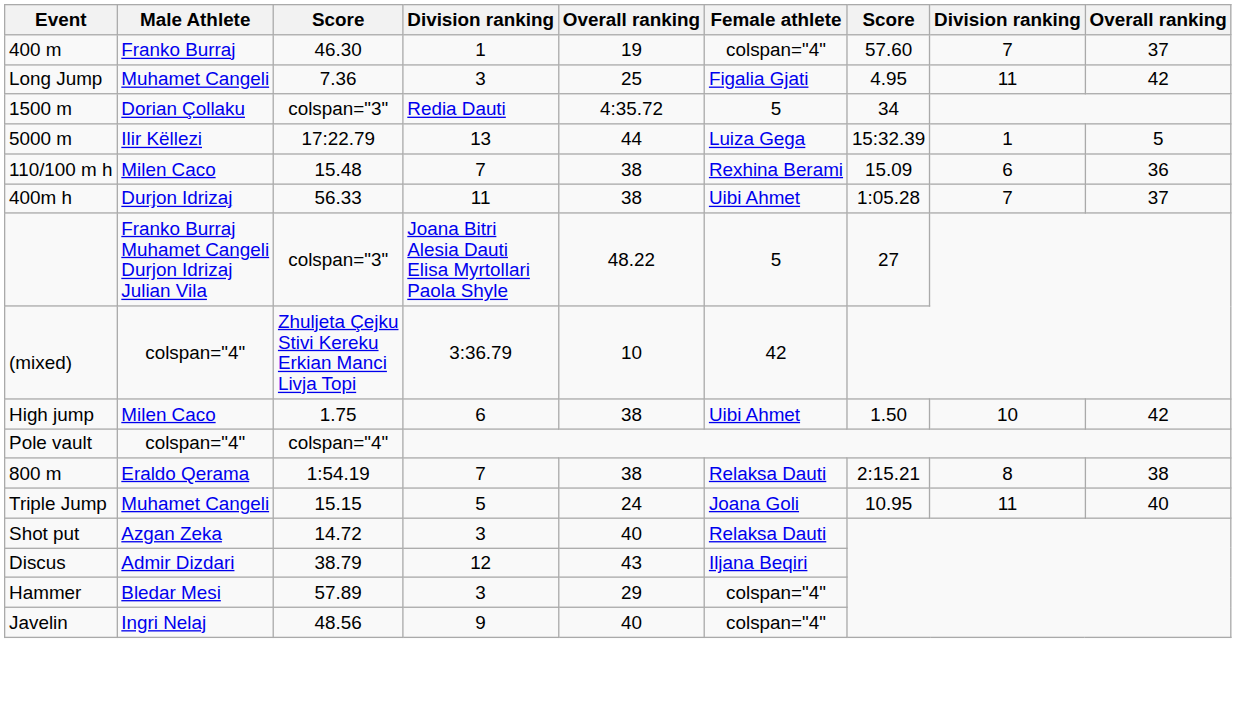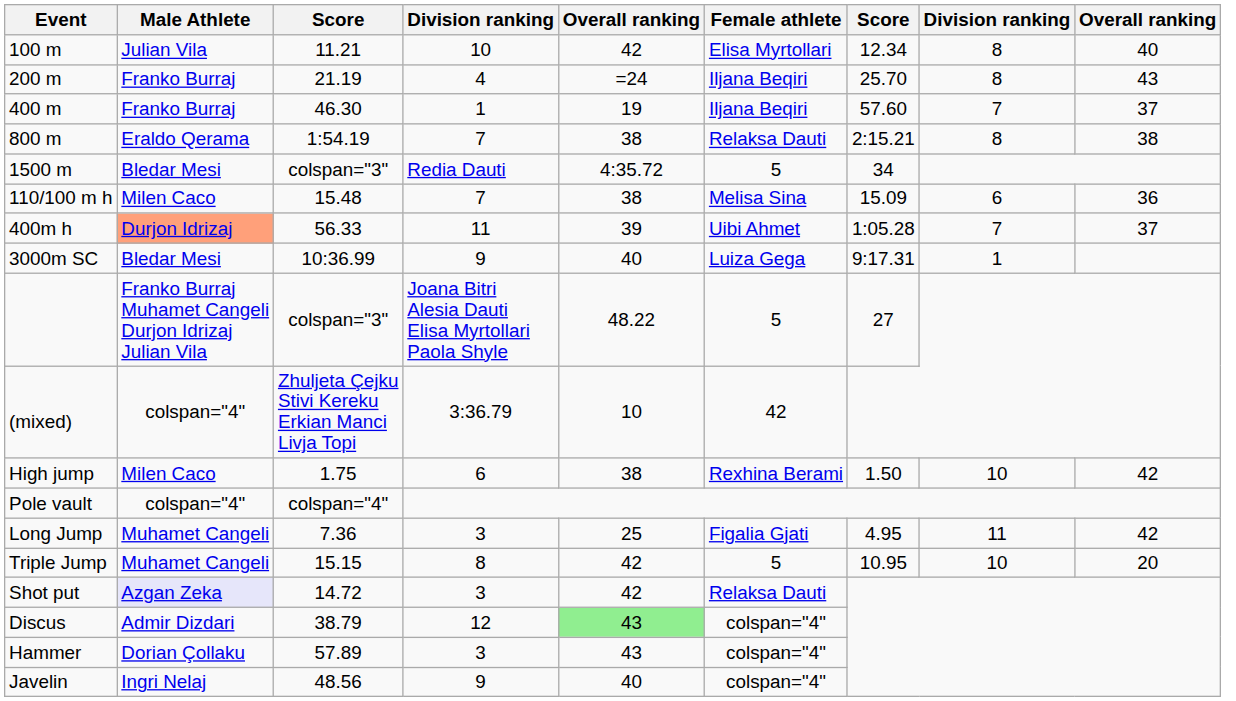 <table class="wikitable" style="font-size:90%; text-align:center">
 <tr>
 <th>Event</th>
 <th>Male Athlete</th>
 <th>Score</th>
 <th>Division ranking</th>
 <th>Overall ranking</th>
 <th>Female athlete</th>
 <th>Score</th>
 <th>Division ranking</th>
 <th>Overall ranking</th>
 </tr>
 <tr>
+<td align="left">100 m</td>
+<td align="left"><a href='#'>Julian Vila</a></td>
+<td>11.21</td>
+<td>10</td>
+<td>42</td>
+<td align="left"><a href='#'>Elisa Myrtollari</a></td>
+<td>12.34</td>
+<td>8</td>
+<td>40</td>
+</tr>
+<tr>
+<td align="left">200 m</td>
+<td align="left"><a href='#'>Franko Burraj</a></td>
+<td>21.19</td>
+<td>4</td>
+<td>=24</td>
+<td align="left"><a href='#'>Iljana Beqiri</a></td>
+<td>25.70</td>
+<td>8</td>
+<td>43</td>
+</tr>
+<tr>
 <td align="left">400 m</td>
 <td align="left"><a href='#'>Franko Burraj</a></td>
 <td>46.30</td>
 <td>1</td>
 <td>19</td>
-<td>colspan="4" </td>
+<td align="left"><a href='#'>Iljana Beqiri</a></td>
 <td>57.60</td>
 <td>7</td>
 <td>37</td>
 </tr>
 <tr>
-<td align="left">Long Jump</td>
-<td align="left"><a href='#'>Muhamet Cangeli</a></td>
-<td>7.36</td>
-<td>3</td>
-<td>25</td>
-<td align="left"><a href='#'>Figalia Gjati</a></td>
-<td>4.95</td>
-<td>11</td>
-<td>42</td>
+<td align="left">800 m</td>
+<td align="left"><a href='#'>Eraldo Qerama</a></td>
+<td>1:54.19</td>
+<td>7</td>
+<td>38</td>
+<td align="left"><a href='#'>Relaksa Dauti</a></td>
+<td>2:15.21</td>
+<td>8</td>
+<td>38</td>
 </tr>
 <tr>
 <td align="left">1500 m</td>
-<td align="left"><a href='#'>Dorian Çollaku</a></td>
+<td align="left"><a href='#'>Bledar Mesi</a></td>
 <td>colspan="3" </td>
 <td align="left"><a href='#'>Redia Dauti</a></td>
 <td>4:35.72</td>
 <td>5</td>
 <td>34</td>
 </tr>
 <tr>
-<td align="left">5000 m</td>
-<td align="left"><a href='#'>Ilir Këllezi</a></td>
-<td>17:22.79</td>
-<td>13</td>
-<td>44</td>
-<td align="left"><a href='#'>Luiza Gega</a></td>
-<td>15:32.39</td>
-<td>1</td>
-<td>5</td>
-</tr>
-<tr>
 <td align="left">110/100 m h</td>
 <td align="left"><a href='#'>Milen Caco</a></td>
 <td>15.48</td>
 <td>7</td>
 <td>38</td>
-<td align="left"><a href='#'>Rexhina Berami</a></td>
+<td align="left"><a href='#'>Melisa Sina</a></td>
 <td>15.09</td>
 <td>6</td>
 <td>36</td>
 </tr>
 <tr>
 <td align="left">400m h</td>
-<td align="left"><a href='#'>Durjon Idrizaj</a></td>
+<td align="left" style="background: lightsalmon;"><a href='#'>Durjon Idrizaj</a></td>
 <td>56.33</td>
 <td>11</td>
-<td>38</td>
+<td>39</td>
 <td align="left"><a href='#'>Uibi Ahmet</a></td>
 <td>1:05.28</td>
 <td>7</td>
 <td>37</td>
+</tr>
+<tr>
+<td align="left">3000m SC</td>
+<td align="left"><a href='#'>Bledar Mesi</a></td>
+<td>10:36.99</td>
+<td>9</td>
+<td>40</td>
+<td align="left"><a href='#'>Luiza Gega</a></td>
+<td>9:17.31</td>
+<td>1</td>
+<td></td>
 </tr>
 <tr>
 <td align="left"></td>
 <td align="left"><a href='#'>Franko Burraj</a><br><a href='#'>Muhamet Cangeli</a><br><a href='#'>Durjon Idrizaj</a><br><a href='#'>Julian Vila</a></td>
 <td>colspan="3" </td>
 <td align="left"><a href='#'>Joana Bitri</a><br><a href='#'>Alesia Dauti</a><br><a href='#'>Elisa Myrtollari</a><br><a href='#'>Paola Shyle</a></td>
 <td>48.22</td>
 <td>5</td>
 <td>27</td>
 </tr>
 <tr>
 <td align="left"><br>(mixed)</td>
 <td>colspan="4" </td>
 <td align="left"><a href='#'>Zhuljeta Çejku</a><br><a href='#'>Stivi Kereku</a><br><a href='#'>Erkian Manci</a><br><a href='#'>Livja Topi</a></td>
 <td>3:36.79</td>
 <td>10</td>
 <td>42</td>
 </tr>
 <tr>
 <td align="left">High jump</td>
 <td align="left"><a href='#'>Milen Caco</a></td>
 <td>1.75</td>
 <td>6</td>
 <td>38</td>
-<td align="left"><a href='#'>Uibi Ahmet</a></td>
+<td align="left"><a href='#'>Rexhina Berami</a></td>
 <td>1.50</td>
 <td>10</td>
 <td>42</td>
 </tr>
 <tr>
 <td align="left">Pole vault</td>
 <td>colspan="4" </td>
 <td>colspan="4" </td>
 </tr>
 <tr>
-<td align="left">800 m</td>
-<td align="left"><a href='#'>Eraldo Qerama</a></td>
-<td>1:54.19</td>
-<td>7</td>
-<td>38</td>
-<td align="left"><a href='#'>Relaksa Dauti</a></td>
-<td>2:15.21</td>
-<td>8</td>
-<td>38</td>
+<td align="left">Long Jump</td>
+<td align="left"><a href='#'>Muhamet Cangeli</a></td>
+<td>7.36</td>
+<td>3</td>
+<td>25</td>
+<td align="left"><a href='#'>Figalia Gjati</a></td>
+<td>4.95</td>
+<td>11</td>
+<td>42</td>
 </tr>
 <tr>
 <td align="left">Triple Jump</td>
 <td align="left"><a href='#'>Muhamet Cangeli</a></td>
 <td>15.15</td>
+<td>8</td>
+<td>42</td>
 <td>5</td>
-<td>24</td>
-<td align="left"><a href='#'>Joana Goli</a></td>
 <td>10.95</td>
-<td>11</td>
-<td>40</td>
+<td>10</td>
+<td>20</td>
 </tr>
 <tr>
 <td align="left">Shot put</td>
-<td align="left"><a href='#'>Azgan Zeka</a></td>
+<td align="left" style="background: lavender;"><a href='#'>Azgan Zeka</a></td>
 <td>14.72</td>
 <td>3</td>
-<td>40</td>
+<td>42</td>
 <td align="left"><a href='#'>Relaksa Dauti</a></td>
 </tr>
 <tr>
 <td align="left">Discus</td>
 <td align="left"><a href='#'>Admir Dizdari</a></td>
 <td>38.79</td>
 <td>12</td>
-<td>43</td>
-<td align="left"><a href='#'>Iljana Beqiri</a></td>
+<td style="background: lightgreen;">43</td>
+<td>colspan="4" </td>
 </tr>
 <tr>
 <td align="left">Hammer</td>
-<td align="left"><a href='#'>Bledar Mesi</a></td>
+<td align="left"><a href='#'>Dorian Çollaku</a></td>
 <td>57.89</td>
 <td>3</td>
-<td>29</td>
+<td>43</td>
 <td>colspan="4" </td>
 </tr>
 <tr>
 <td align="left">Javelin</td>
 <td align="left"><a href='#'>Ingri Nelaj</a></td>
 <td>48.56</td>
 <td>9</td>
 <td>40</td>
 <td>colspan="4" </td>
 </tr>
 </table>
